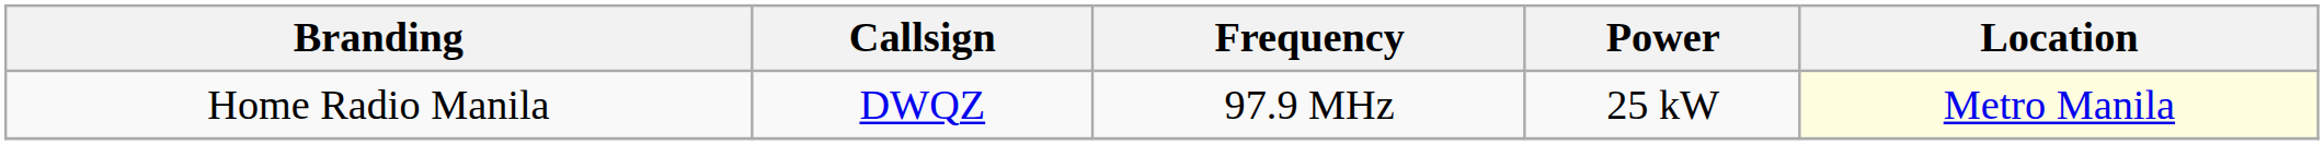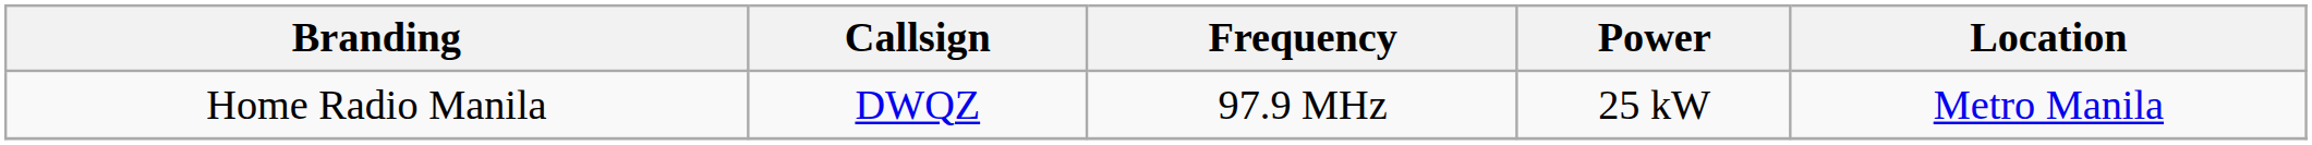 <table class="wikitable" style="width:100%; text-align:center;">
 <tr>
 <th>Branding</th>
 <th>Callsign</th>
 <th>Frequency</th>
 <th>Power</th>
 <th>Location</th>
 </tr>
 <tr>
 <td>Home Radio Manila</td>
 <td><a href='#'>DWQZ</a></td>
 <td>97.9 MHz</td>
 <td>25 kW</td>
-<td style="background: lightyellow;"><a href='#'>Metro Manila</a></td>
+<td><a href='#'>Metro Manila</a></td>
 </tr>
 <tr>
 </tr>
 </table>
